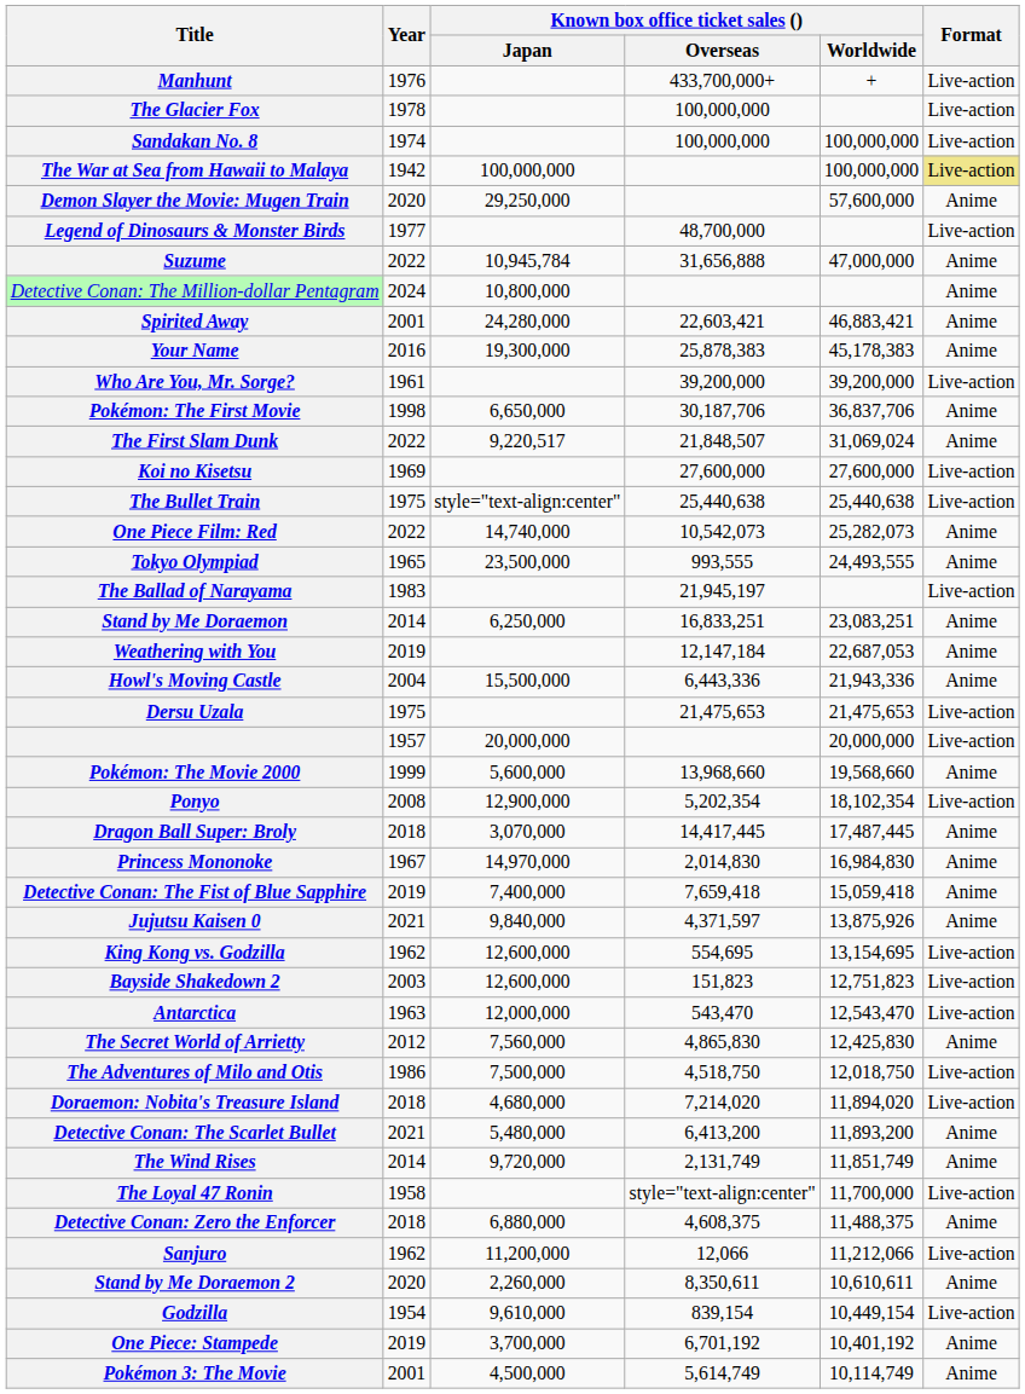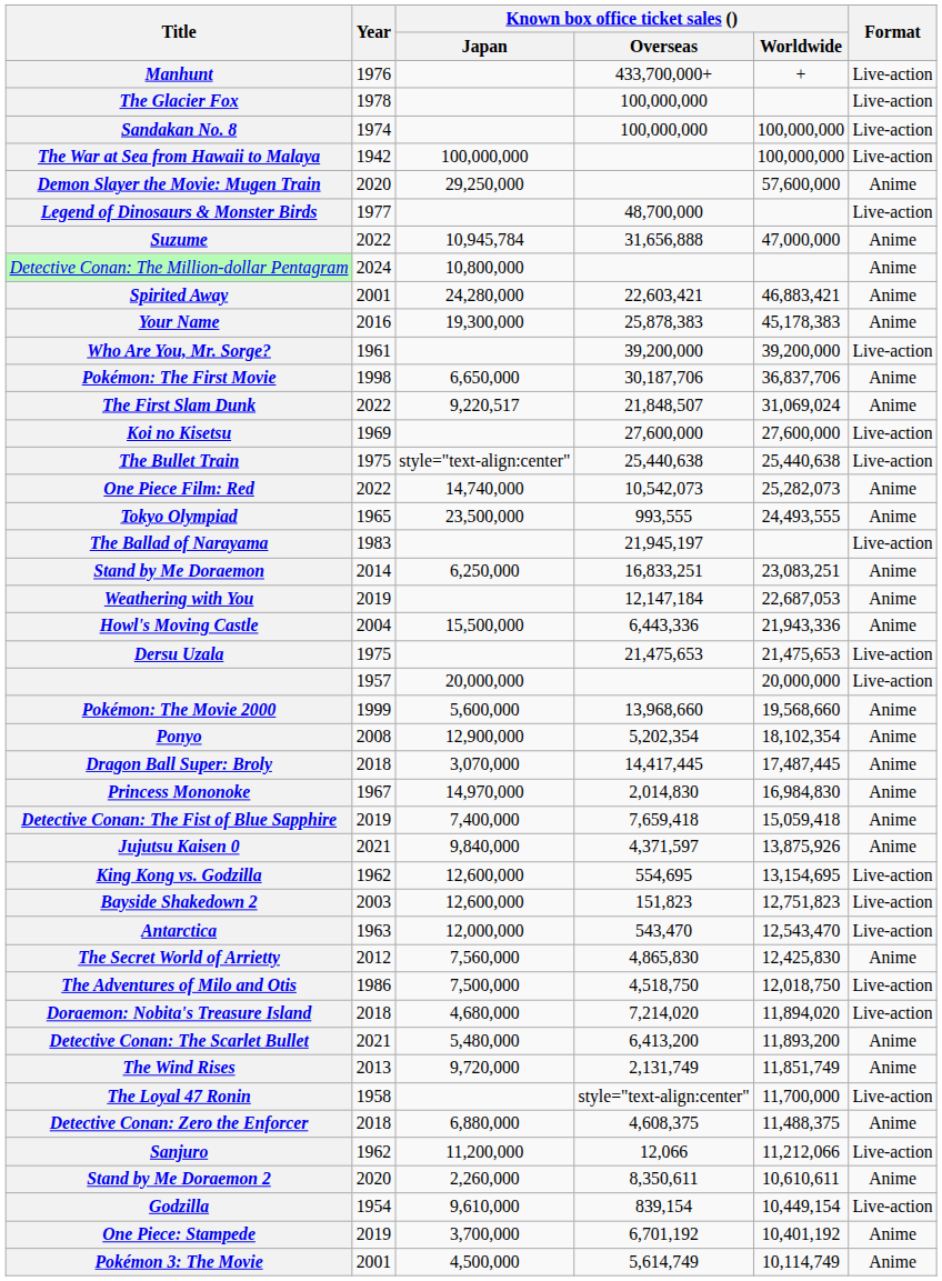 <table class="wikitable sortable plainrowheaders" style="margin:auto; margin:auto; text-align:center">
 <tr>
 <th rowspan="2">Title</th>
 <th rowspan="2">Year</th>
 <th colspan="3"><a href='#'>Known box office ticket sales</a> ()</th>
 <th rowspan="2">Format</th>
 </tr>
 <tr>
 <th data-sort-type="number">Japan</th>
 <th data-sort-type="number">Overseas</th>
 <th data-sort-type="number">Worldwide</th>
 </tr>
 <tr>
 <th scope="row"><em><a href='#'>Manhunt</a></em></th>
 <td style="text-align:center">1976</td>
 <td style="text-align:center"></td>
 <td style="text-align:center">433,700,000+</td>
 <td style="text-align:center">+</td>
 <td>Live-action</td>
 </tr>
 <tr>
 <th scope="row"><em><a href='#'>The Glacier Fox</a></em></th>
 <td style="text-align:center">1978</td>
 <td style="text-align:center"></td>
 <td style="text-align:center">100,000,000</td>
 <td style="text-align:center"></td>
 <td>Live-action</td>
 </tr>
 <tr>
 <th scope="row"><em><a href='#'>Sandakan No. 8</a></em></th>
 <td style="text-align:center">1974</td>
 <td></td>
 <td style="text-align:center">100,000,000</td>
 <td style="text-align:center">100,000,000</td>
 <td>Live-action</td>
 </tr>
 <tr>
 <th scope="row"><em><a href='#'>The War at Sea from Hawaii to Malaya</a></em></th>
 <td style="text-align:center">1942</td>
 <td>100,000,000</td>
 <td></td>
 <td style="text-align:center">100,000,000</td>
-<td style="background: khaki;">Live-action</td>
+<td>Live-action</td>
 </tr>
 <tr>
 <th scope="row"><em><a href='#'>Demon Slayer the Movie: Mugen Train</a></em></th>
 <td style="text-align:center">2020</td>
 <td style="text-align:center">29,250,000</td>
 <td style="text-align:center"></td>
 <td style="text-align:center">57,600,000</td>
 <td>Anime</td>
 </tr>
 <tr>
 <th scope="row"><em><a href='#'>Legend of Dinosaurs & Monster Birds</a></em></th>
 <td style="text-align:center">1977</td>
 <td style="text-align:center"></td>
 <td style="text-align:center">48,700,000</td>
 <td style="text-align:center"></td>
 <td>Live-action</td>
 </tr>
 <tr>
 <th scope="row"><em><a href='#'>Suzume</a></em></th>
 <td style="text-align:center">2022</td>
 <td style="text-align:center">10,945,784</td>
 <td style="text-align:center">31,656,888</td>
 <td style="text-align:center">47,000,000</td>
 <td>Anime</td>
 </tr>
 <tr>
 <td scope="row" style="text-align:left; background:#b6fcb6"><em><a href='#'>Detective Conan: The Million-dollar Pentagram</a></em> </td>
 <td>2024</td>
 <td>10,800,000</td>
 <td></td>
 <td></td>
 <td>Anime</td>
 </tr>
 <tr>
 <th scope="row"><em><a href='#'>Spirited Away</a></em></th>
 <td style="text-align:center">2001</td>
 <td style="text-align:center">24,280,000</td>
 <td style="text-align:center">22,603,421</td>
 <td style="text-align:center">46,883,421</td>
 <td>Anime</td>
 </tr>
 <tr>
 <th scope="row"><em><a href='#'>Your Name</a></em></th>
 <td style="text-align:center">2016</td>
 <td style="text-align:center">19,300,000</td>
 <td style="text-align:center">25,878,383</td>
 <td style="text-align:center">45,178,383</td>
 <td>Anime</td>
 </tr>
 <tr>
 <th scope="row"><em><a href='#'>Who Are You, Mr. Sorge?</a></em></th>
 <td style="text-align:center">1961</td>
 <td></td>
 <td style="text-align:center">39,200,000</td>
 <td style="text-align:center">39,200,000</td>
 <td>Live-action</td>
 </tr>
 <tr>
 <th scope="row"><em><a href='#'>Pokémon: The First Movie</a></em></th>
 <td style="text-align:center">1998</td>
 <td style="text-align:center">6,650,000</td>
 <td style="text-align:center">30,187,706</td>
 <td style="text-align:center">36,837,706</td>
 <td>Anime</td>
 </tr>
 <tr>
 <th scope="row"><em><a href='#'>The First Slam Dunk</a></em></th>
 <td style="text-align:center">2022</td>
 <td style="text-align:center">9,220,517</td>
 <td style="text-align:center">21,848,507</td>
 <td style="text-align:center">31,069,024</td>
 <td>Anime</td>
 </tr>
 <tr>
 <th scope="row"><em><a href='#'>Koi no Kisetsu</a></em></th>
 <td style="text-align:center">1969</td>
 <td></td>
 <td style="text-align:center">27,600,000</td>
 <td style="text-align:center">27,600,000</td>
 <td>Live-action</td>
 </tr>
 <tr>
 <th scope="row"><em><a href='#'>The Bullet Train</a></em></th>
 <td style="text-align:center">1975</td>
 <td>style="text-align:center" </td>
 <td style="text-align:center">25,440,638</td>
 <td style="text-align:center">25,440,638</td>
 <td>Live-action</td>
 </tr>
 <tr>
 <th scope="row"><em><a href='#'>One Piece Film: Red</a></em></th>
 <td>2022</td>
 <td style="text-align:center">14,740,000</td>
 <td style="text-align:center">10,542,073</td>
 <td style="text-align:center">25,282,073</td>
 <td>Anime</td>
 </tr>
 <tr>
 <th scope="row"><em><a href='#'>Tokyo Olympiad</a></em></th>
 <td style="text-align:center">1965</td>
 <td style="text-align:center">23,500,000</td>
 <td style="text-align:center">993,555</td>
 <td style="text-align:center">24,493,555</td>
 <td>Anime</td>
 </tr>
 <tr>
 <th scope="row"><em><a href='#'>The Ballad of Narayama</a></em></th>
 <td style="text-align:center">1983</td>
 <td style="text-align:center"></td>
 <td style="text-align:center">21,945,197</td>
 <td style="text-align:center"></td>
 <td>Live-action</td>
 </tr>
 <tr>
 <th scope="row"><em><a href='#'>Stand by Me Doraemon</a></em></th>
 <td style="text-align:center">2014</td>
 <td style="text-align:center">6,250,000</td>
 <td style="text-align:center">16,833,251</td>
 <td style="text-align:center">23,083,251</td>
 <td>Anime</td>
 </tr>
 <tr>
 <th scope="row"><em><a href='#'>Weathering with You</a></em></th>
 <td style="text-align:center">2019</td>
 <td style="text-align:center"></td>
 <td style="text-align:center">12,147,184</td>
 <td style="text-align:center">22,687,053</td>
 <td>Anime</td>
 </tr>
 <tr>
 <th scope="row"><em><a href='#'>Howl's Moving Castle</a></em></th>
 <td style="text-align:center">2004</td>
 <td style="text-align:center">15,500,000</td>
 <td style="text-align:center">6,443,336</td>
 <td style="text-align:center">21,943,336</td>
 <td>Anime</td>
 </tr>
 <tr>
 <th scope="row"><em><a href='#'>Dersu Uzala</a></em></th>
 <td style="text-align:center">1975</td>
 <td></td>
 <td style="text-align:center">21,475,653</td>
 <td style="text-align:center">21,475,653</td>
 <td>Live-action</td>
 </tr>
 <tr>
 <th scope="row"><em></em></th>
 <td style="text-align:center">1957</td>
 <td style="text-align:center">20,000,000</td>
 <td></td>
 <td style="text-align:center">20,000,000</td>
 <td>Live-action</td>
 </tr>
 <tr>
 <th scope="row"><em><a href='#'>Pokémon: The Movie 2000</a></em></th>
 <td style="text-align:center">1999</td>
 <td style="text-align:center">5,600,000</td>
 <td style="text-align:center">13,968,660</td>
 <td style="text-align:center">19,568,660</td>
 <td>Anime</td>
 </tr>
 <tr>
 <th scope="row"><em><a href='#'>Ponyo</a></em></th>
 <td style="text-align:center">2008</td>
 <td style="text-align:center">12,900,000</td>
 <td style="text-align:center">5,202,354</td>
 <td style="text-align:center">18,102,354</td>
-<td>Live-action</td>
+<td>Anime</td>
 </tr>
 <tr>
 <th scope="row"><em><a href='#'>Dragon Ball Super: Broly</a></em></th>
 <td style="text-align:center">2018</td>
 <td style="text-align:center">3,070,000</td>
 <td style="text-align:center">14,417,445</td>
 <td style="text-align:center">17,487,445</td>
 <td>Anime</td>
 </tr>
 <tr>
 <th scope="row"><em><a href='#'>Princess Mononoke</a></em></th>
 <td style="text-align:center">1967</td>
 <td style="text-align:center">14,970,000</td>
 <td style="text-align:center">2,014,830</td>
 <td style="text-align:center">16,984,830</td>
 <td>Anime</td>
 </tr>
 <tr>
 <th scope="row"><em><a href='#'>Detective Conan: The Fist of Blue Sapphire</a></em></th>
 <td style="text-align:center">2019</td>
 <td style="text-align:center">7,400,000</td>
 <td style="text-align:center">7,659,418</td>
 <td style="text-align:center">15,059,418</td>
 <td>Anime</td>
 </tr>
 <tr>
 <th scope="row"><em><a href='#'>Jujutsu Kaisen 0</a></em></th>
 <td style="text-align:center">2021</td>
 <td style="text-align:center">9,840,000</td>
 <td style="text-align:center">4,371,597</td>
 <td style="text-align:center">13,875,926</td>
 <td>Anime</td>
 </tr>
 <tr>
 <th scope="row"><em><a href='#'>King Kong vs. Godzilla</a></em></th>
 <td style="text-align:center">1962</td>
 <td style="text-align:center">12,600,000</td>
 <td style="text-align:center">554,695</td>
 <td style="text-align:center">13,154,695</td>
 <td>Live-action</td>
 </tr>
 <tr>
 <th scope="row"><em><a href='#'>Bayside Shakedown 2</a></em></th>
 <td style="text-align:center">2003</td>
 <td style="text-align:center">12,600,000</td>
 <td style="text-align:center">151,823</td>
 <td style="text-align:center">12,751,823</td>
 <td>Live-action</td>
 </tr>
 <tr>
 <th scope="row"><em><a href='#'>Antarctica</a></em></th>
 <td style="text-align:center">1963</td>
 <td style="text-align:center">12,000,000</td>
 <td style="text-align:center">543,470</td>
 <td style="text-align:center">12,543,470</td>
 <td>Live-action</td>
 </tr>
 <tr>
 <th scope="row"><em><a href='#'>The Secret World of Arrietty</a></em></th>
 <td style="text-align:center">2012</td>
 <td style="text-align:center">7,560,000</td>
 <td style="text-align:center">4,865,830</td>
 <td style="text-align:center">12,425,830</td>
 <td>Anime</td>
 </tr>
 <tr>
 <th scope="row"><em><a href='#'>The Adventures of Milo and Otis</a></em></th>
 <td style="text-align:center">1986</td>
 <td style="text-align:center">7,500,000</td>
 <td style="text-align:center">4,518,750</td>
 <td style="text-align:center">12,018,750</td>
 <td>Live-action</td>
 </tr>
 <tr>
 <th scope="row"><em><a href='#'>Doraemon: Nobita's Treasure Island</a></em></th>
 <td style="text-align:center">2018</td>
 <td style="text-align:center">4,680,000</td>
 <td style="text-align:center">7,214,020</td>
 <td style="text-align:center">11,894,020</td>
 <td>Live-action</td>
 </tr>
 <tr>
 <th scope="row"><em><a href='#'>Detective Conan: The Scarlet Bullet</a></em></th>
 <td style="text-align:center">2021</td>
 <td style="text-align:center">5,480,000</td>
 <td style="text-align:center">6,413,200</td>
 <td style="text-align:center">11,893,200</td>
 <td>Anime</td>
 </tr>
 <tr>
 <th scope="row"><em><a href='#'>The Wind Rises</a></em></th>
-<td style="text-align:center">2014</td>
+<td style="text-align:center">2013</td>
 <td style="text-align:center">9,720,000</td>
 <td style="text-align:center">2,131,749</td>
 <td style="text-align:center">11,851,749</td>
 <td>Anime</td>
 </tr>
 <tr>
 <th scope="row"><em><a href='#'>The Loyal 47 Ronin</a></em></th>
 <td style="text-align:center">1958</td>
 <td style="text-align:center"></td>
 <td>style="text-align:center" </td>
 <td style="text-align:center">11,700,000</td>
 <td>Live-action</td>
 </tr>
 <tr>
 <th scope="row"><em><a href='#'>Detective Conan: Zero the Enforcer</a></em></th>
 <td style="text-align:center">2018</td>
 <td style="text-align:center">6,880,000</td>
 <td style="text-align:center">4,608,375</td>
 <td style="text-align:center">11,488,375</td>
 <td>Anime</td>
 </tr>
 <tr>
 <th scope="row"><em><a href='#'>Sanjuro</a></em></th>
 <td style="text-align:center">1962</td>
 <td style="text-align:center">11,200,000</td>
 <td style="text-align:center">12,066</td>
 <td style="text-align:center">11,212,066</td>
 <td>Live-action</td>
 </tr>
 <tr>
 <th scope="row"><em><a href='#'>Stand by Me Doraemon 2</a></em></th>
 <td style="text-align:center">2020</td>
 <td style="text-align:center">2,260,000</td>
 <td style="text-align:center">8,350,611</td>
 <td style="text-align:center">10,610,611</td>
 <td>Anime</td>
 </tr>
 <tr>
 <th scope="row"><em><a href='#'>Godzilla</a></em></th>
 <td style="text-align:center">1954</td>
 <td style="text-align:center">9,610,000</td>
 <td style="text-align:center">839,154</td>
 <td style="text-align:center">10,449,154</td>
 <td>Live-action</td>
 </tr>
 <tr>
 <th scope="row"><em><a href='#'>One Piece: Stampede</a></em></th>
 <td style="text-align:center">2019</td>
 <td style="text-align:center">3,700,000</td>
 <td style="text-align:center">6,701,192</td>
 <td style="text-align:center">10,401,192</td>
 <td>Anime</td>
 </tr>
 <tr>
 <th scope="row"><em><a href='#'>Pokémon 3: The Movie</a></em></th>
 <td style="text-align:center">2001</td>
 <td style="text-align:center">4,500,000</td>
 <td style="text-align:center">5,614,749</td>
 <td style="text-align:center">10,114,749</td>
 <td>Anime</td>
 </tr>
 </table>
